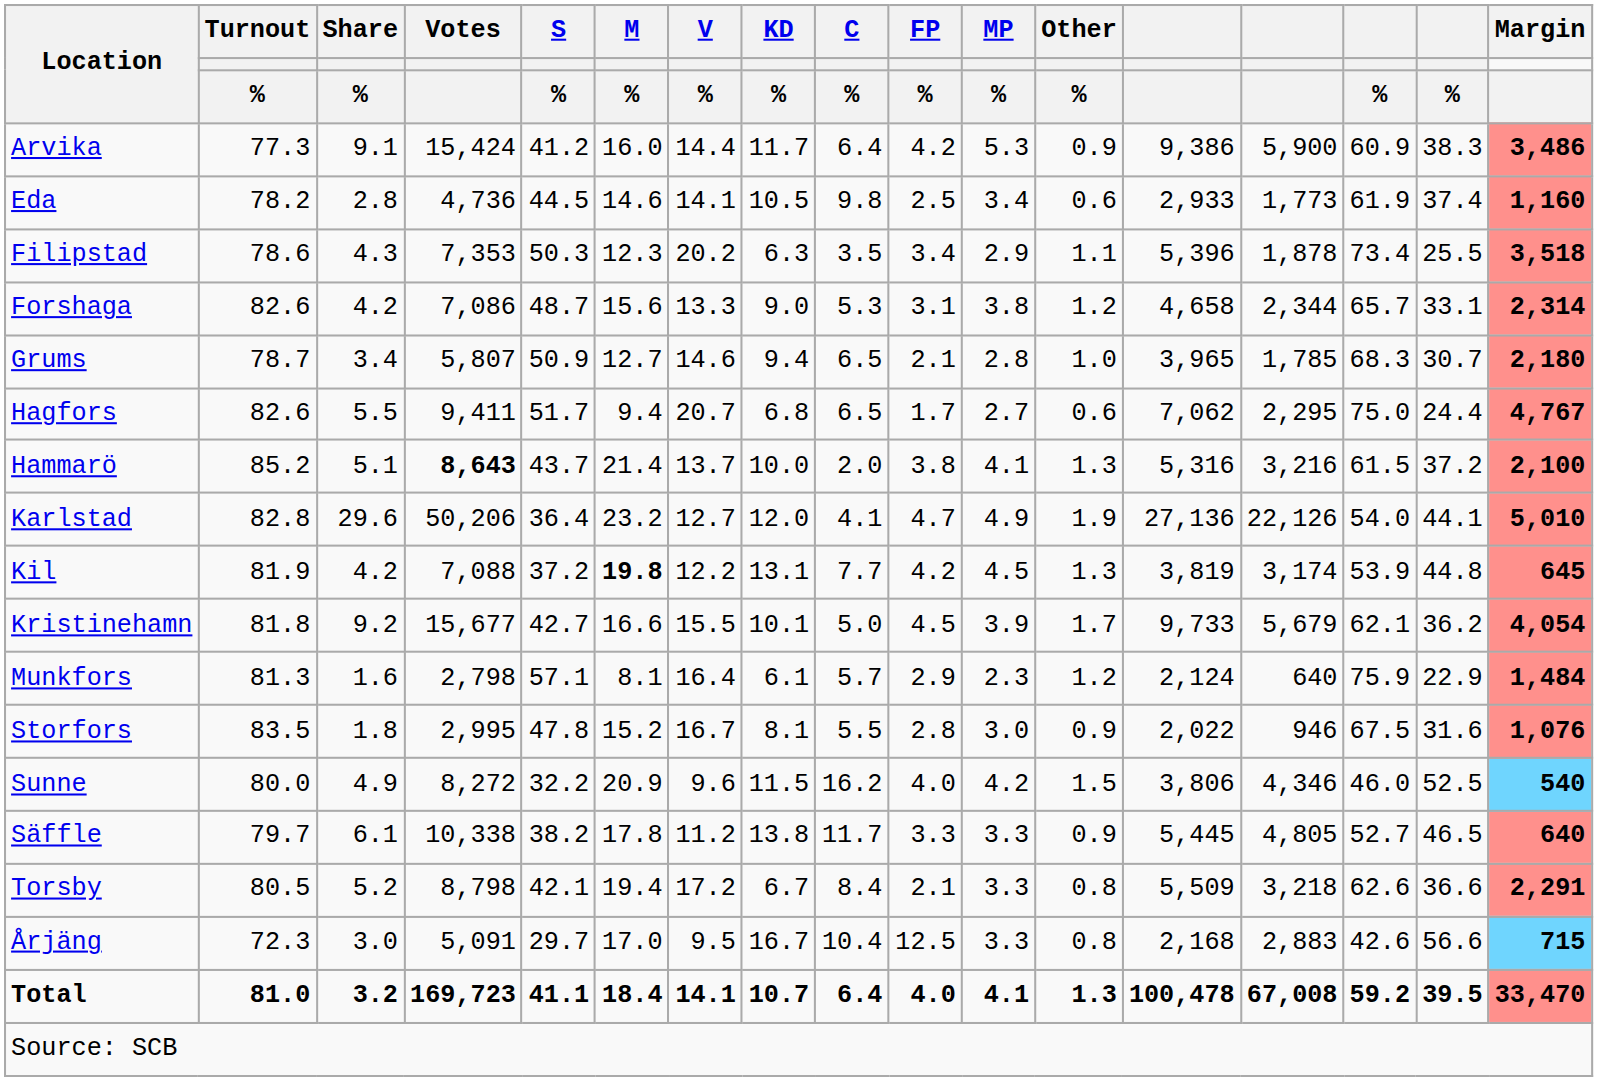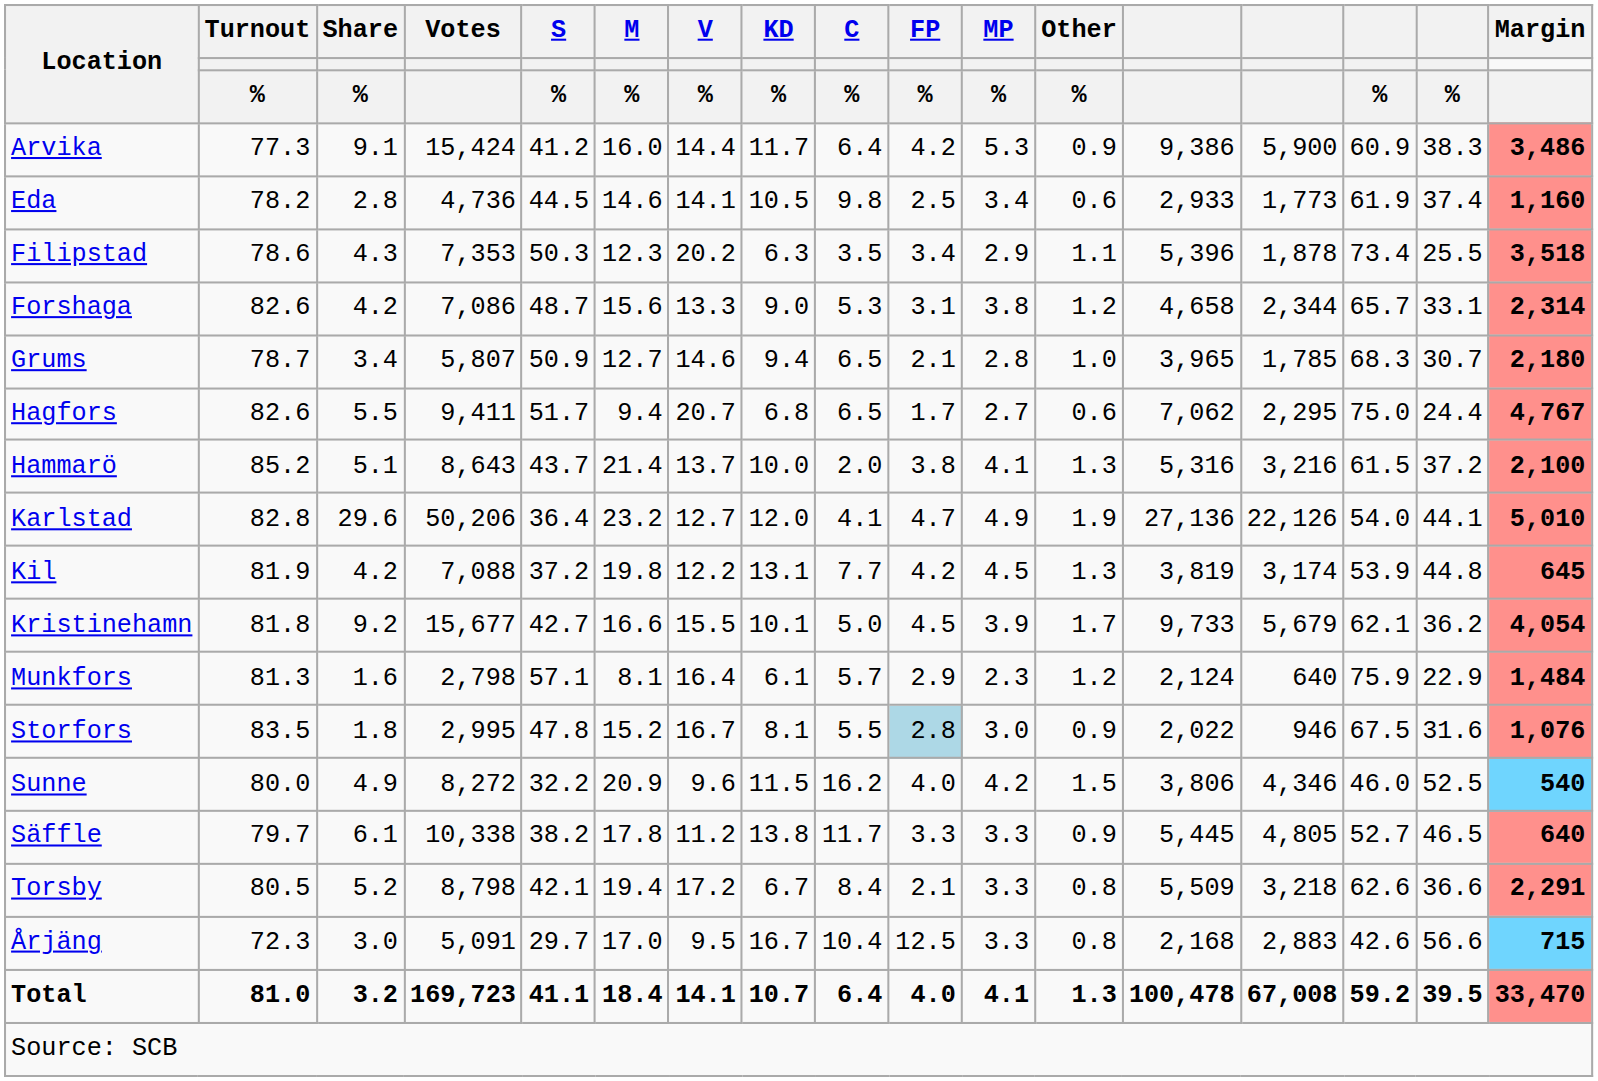 <table class="wikitable sortable" style="text-align:right; font-size:95%; line-height:20px;">
 <tr>
 <th rowspan="3">Location</th>
 <th>Turnout</th>
 <th>Share</th>
 <th>Votes</th>
 <th width="30px" class="unsortable"><a href='#'>S</a></th>
 <th width="30px" class="unsortable"><a href='#'>M</a></th>
 <th width="30px" class="unsortable"><a href='#'>V</a></th>
 <th width="30px" class="unsortable"><a href='#'>KD</a></th>
 <th width="30px" class="unsortable"><a href='#'>C</a></th>
 <th width="30px" class="unsortable"><a href='#'>FP</a></th>
 <th width="30px" class="unsortable"><a href='#'>MP</a></th>
 <th width="30px" class="unsortable">Other</th>
 <th></th>
 <th></th>
 <th></th>
 <th></th>
 <th>Margin</th>
 </tr>
 <tr>
 <th></th>
 <th></th>
 <th></th>
 <th style="background:"></th>
 <th style="background:"></th>
 <th style="background:"></th>
 <th style="background:"></th>
 <th style="background:"></th>
 <th style="background:"></th>
 <th style="background:"></th>
 <th style="background:"></th>
 <th style="background:"></th>
 <th style="background:"></th>
 <th style="background:"></th>
 <th style="background:"></th>
 </tr>
 <tr>
 <th data-sort-type="number">%</th>
 <th data-sort-type="number">%</th>
 <th></th>
 <th data-sort-type="number">%</th>
 <th data-sort-type="number">%</th>
 <th data-sort-type="number">%</th>
 <th data-sort-type="number">%</th>
 <th data-sort-type="number">%</th>
 <th data-sort-type="number">%</th>
 <th data-sort-type="number">%</th>
 <th data-sort-type="number">%</th>
 <th data-sort-type="number"></th>
 <th data-sort-type="number"></th>
 <th data-sort-type="number">%</th>
 <th data-sort-type="number">%</th>
 <th data-sort-type="number"></th>
 </tr>
 <tr>
 <td align=left><a href='#'>Arvika</a></td>
 <td>77.3</td>
 <td>9.1</td>
 <td>15,424</td>
 <td>41.2</td>
 <td>16.0</td>
 <td>14.4</td>
 <td>11.7</td>
 <td>6.4</td>
 <td>4.2</td>
 <td>5.3</td>
 <td>0.9</td>
 <td>9,386</td>
 <td>5,900</td>
 <td>60.9</td>
 <td>38.3</td>
 <td bgcolor=#ff908c><strong>3,486</strong></td>
 </tr>
 <tr>
 <td align=left><a href='#'>Eda</a></td>
 <td>78.2</td>
 <td>2.8</td>
 <td>4,736</td>
 <td>44.5</td>
 <td>14.6</td>
 <td>14.1</td>
 <td>10.5</td>
 <td>9.8</td>
 <td>2.5</td>
 <td>3.4</td>
 <td>0.6</td>
 <td>2,933</td>
 <td>1,773</td>
 <td>61.9</td>
 <td>37.4</td>
 <td bgcolor=#ff908c><strong>1,160</strong></td>
 </tr>
 <tr>
 <td align=left><a href='#'>Filipstad</a></td>
 <td>78.6</td>
 <td>4.3</td>
 <td>7,353</td>
 <td>50.3</td>
 <td>12.3</td>
 <td>20.2</td>
 <td>6.3</td>
 <td>3.5</td>
 <td>3.4</td>
 <td>2.9</td>
 <td>1.1</td>
 <td>5,396</td>
 <td>1,878</td>
 <td>73.4</td>
 <td>25.5</td>
 <td bgcolor=#ff908c><strong>3,518</strong></td>
 </tr>
 <tr>
 <td align=left><a href='#'>Forshaga</a></td>
 <td>82.6</td>
 <td>4.2</td>
 <td>7,086</td>
 <td>48.7</td>
 <td>15.6</td>
 <td>13.3</td>
 <td>9.0</td>
 <td>5.3</td>
 <td>3.1</td>
 <td>3.8</td>
 <td>1.2</td>
 <td>4,658</td>
 <td>2,344</td>
 <td>65.7</td>
 <td>33.1</td>
 <td bgcolor=#ff908c><strong>2,314</strong></td>
 </tr>
 <tr>
 <td align=left><a href='#'>Grums</a></td>
 <td>78.7</td>
 <td>3.4</td>
 <td>5,807</td>
 <td>50.9</td>
 <td>12.7</td>
 <td>14.6</td>
 <td>9.4</td>
 <td>6.5</td>
 <td>2.1</td>
 <td>2.8</td>
 <td>1.0</td>
 <td>3,965</td>
 <td>1,785</td>
 <td>68.3</td>
 <td>30.7</td>
 <td bgcolor=#ff908c><strong>2,180</strong></td>
 </tr>
 <tr>
 <td align=left><a href='#'>Hagfors</a></td>
 <td>82.6</td>
 <td>5.5</td>
 <td>9,411</td>
 <td>51.7</td>
 <td>9.4</td>
 <td>20.7</td>
 <td>6.8</td>
 <td>6.5</td>
 <td>1.7</td>
 <td>2.7</td>
 <td>0.6</td>
 <td>7,062</td>
 <td>2,295</td>
 <td>75.0</td>
 <td>24.4</td>
 <td bgcolor=#ff908c><strong>4,767</strong></td>
 </tr>
 <tr>
 <td align=left><a href='#'>Hammarö</a></td>
 <td>85.2</td>
 <td>5.1</td>
-<td><strong>8,643</strong></td>
+<td>8,643</td>
 <td>43.7</td>
 <td>21.4</td>
 <td>13.7</td>
 <td>10.0</td>
 <td>2.0</td>
 <td>3.8</td>
 <td>4.1</td>
 <td>1.3</td>
 <td>5,316</td>
 <td>3,216</td>
 <td>61.5</td>
 <td>37.2</td>
 <td bgcolor=#ff908c><strong>2,100</strong></td>
 </tr>
 <tr>
 <td align=left><a href='#'>Karlstad</a></td>
 <td>82.8</td>
 <td>29.6</td>
 <td>50,206</td>
 <td>36.4</td>
 <td>23.2</td>
 <td>12.7</td>
 <td>12.0</td>
 <td>4.1</td>
 <td>4.7</td>
 <td>4.9</td>
 <td>1.9</td>
 <td>27,136</td>
 <td>22,126</td>
 <td>54.0</td>
 <td>44.1</td>
 <td bgcolor=#ff908c><strong>5,010</strong></td>
 </tr>
 <tr>
 <td align=left><a href='#'>Kil</a></td>
 <td>81.9</td>
 <td>4.2</td>
 <td>7,088</td>
 <td>37.2</td>
-<td><strong>19.8</strong></td>
+<td>19.8</td>
 <td>12.2</td>
 <td>13.1</td>
 <td>7.7</td>
 <td>4.2</td>
 <td>4.5</td>
 <td>1.3</td>
 <td>3,819</td>
 <td>3,174</td>
 <td>53.9</td>
 <td>44.8</td>
 <td bgcolor=#ff908c><strong>645</strong></td>
 </tr>
 <tr>
 <td align=left><a href='#'>Kristinehamn</a></td>
 <td>81.8</td>
 <td>9.2</td>
 <td>15,677</td>
 <td>42.7</td>
 <td>16.6</td>
 <td>15.5</td>
 <td>10.1</td>
 <td>5.0</td>
 <td>4.5</td>
 <td>3.9</td>
 <td>1.7</td>
 <td>9,733</td>
 <td>5,679</td>
 <td>62.1</td>
 <td>36.2</td>
 <td bgcolor=#ff908c><strong>4,054</strong></td>
 </tr>
 <tr>
 <td align=left><a href='#'>Munkfors</a></td>
 <td>81.3</td>
 <td>1.6</td>
 <td>2,798</td>
 <td>57.1</td>
 <td>8.1</td>
 <td>16.4</td>
 <td>6.1</td>
 <td>5.7</td>
 <td>2.9</td>
 <td>2.3</td>
 <td>1.2</td>
 <td>2,124</td>
 <td>640</td>
 <td>75.9</td>
 <td>22.9</td>
 <td bgcolor=#ff908c><strong>1,484</strong></td>
 </tr>
 <tr>
 <td align=left><a href='#'>Storfors</a></td>
 <td>83.5</td>
 <td>1.8</td>
 <td>2,995</td>
 <td>47.8</td>
 <td>15.2</td>
 <td>16.7</td>
 <td>8.1</td>
 <td>5.5</td>
-<td>2.8</td>
+<td style="background: lightblue;">2.8</td>
 <td>3.0</td>
 <td>0.9</td>
 <td>2,022</td>
 <td>946</td>
 <td>67.5</td>
 <td>31.6</td>
 <td bgcolor=#ff908c><strong>1,076</strong></td>
 </tr>
 <tr>
 <td align=left><a href='#'>Sunne</a></td>
 <td>80.0</td>
 <td>4.9</td>
 <td>8,272</td>
 <td>32.2</td>
 <td>20.9</td>
 <td>9.6</td>
 <td>11.5</td>
 <td>16.2</td>
 <td>4.0</td>
 <td>4.2</td>
 <td>1.5</td>
 <td>3,806</td>
 <td>4,346</td>
 <td>46.0</td>
 <td>52.5</td>
 <td bgcolor=#6fd5fe><strong>540</strong></td>
 </tr>
 <tr>
 <td align=left><a href='#'>Säffle</a></td>
 <td>79.7</td>
 <td>6.1</td>
 <td>10,338</td>
 <td>38.2</td>
 <td>17.8</td>
 <td>11.2</td>
 <td>13.8</td>
 <td>11.7</td>
 <td>3.3</td>
 <td>3.3</td>
 <td>0.9</td>
 <td>5,445</td>
 <td>4,805</td>
 <td>52.7</td>
 <td>46.5</td>
 <td bgcolor=#ff908c><strong>640</strong></td>
 </tr>
 <tr>
 <td align=left><a href='#'>Torsby</a></td>
 <td>80.5</td>
 <td>5.2</td>
 <td>8,798</td>
 <td>42.1</td>
 <td>19.4</td>
 <td>17.2</td>
 <td>6.7</td>
 <td>8.4</td>
 <td>2.1</td>
 <td>3.3</td>
 <td>0.8</td>
 <td>5,509</td>
 <td>3,218</td>
 <td>62.6</td>
 <td>36.6</td>
 <td bgcolor=#ff908c><strong>2,291</strong></td>
 </tr>
 <tr>
 <td align=left><a href='#'>Årjäng</a></td>
 <td>72.3</td>
 <td>3.0</td>
 <td>5,091</td>
 <td>29.7</td>
 <td>17.0</td>
 <td>9.5</td>
 <td>16.7</td>
 <td>10.4</td>
 <td>12.5</td>
 <td>3.3</td>
 <td>0.8</td>
 <td>2,168</td>
 <td>2,883</td>
 <td>42.6</td>
 <td>56.6</td>
 <td bgcolor=#6fd5fe><strong>715</strong></td>
 </tr>
 <tr>
 <td align=left><strong>Total</strong></td>
 <td><strong>81.0</strong></td>
 <td><strong>3.2</strong></td>
 <td><strong>169,723</strong></td>
 <td><strong>41.1</strong></td>
 <td><strong>18.4</strong></td>
 <td><strong>14.1</strong></td>
 <td><strong>10.7</strong></td>
 <td><strong>6.4</strong></td>
 <td><strong>4.0</strong></td>
 <td><strong>4.1</strong></td>
 <td><strong>1.3</strong></td>
 <td><strong>100,478</strong></td>
 <td><strong>67,008</strong></td>
 <td><strong>59.2</strong></td>
 <td><strong>39.5</strong></td>
 <td bgcolor=#ff908c><strong>33,470</strong></td>
 </tr>
 <tr>
 <td align=left colspan=17>Source: SCB </td>
 </tr>
 </table>
